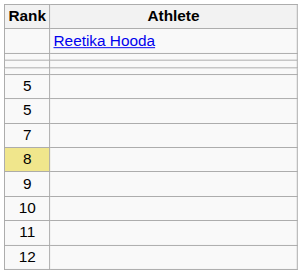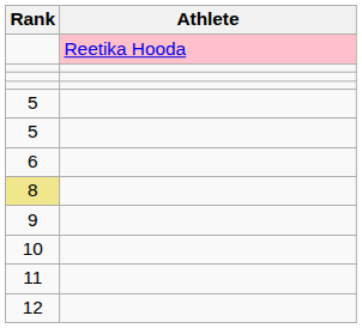 <table class="wikitable" style="text-align: center;">
 <tr>
 <th width=40>Rank</th>
 <th width=250>Athlete</th>
 </tr>
 <tr>
 <td></td>
-<td align="left"> <a href='#'>Reetika Hooda</a> </td>
+<td align="left" style="background: pink;"> <a href='#'>Reetika Hooda</a> </td>
 </tr>
 <tr>
 <td></td>
 <td align="left"></td>
 </tr>
 <tr>
 <td></td>
 <td align="left"></td>
 </tr>
 <tr>
 <td></td>
 <td align="left"></td>
 </tr>
 <tr>
 <td>5</td>
 <td align="left"></td>
 </tr>
 <tr>
 <td>5</td>
 <td align="left"></td>
 </tr>
 <tr>
-<td>7</td>
+<td>6</td>
 <td align="left"></td>
 </tr>
 <tr>
 <td style="background: khaki;">8</td>
 <td align="left"></td>
 </tr>
 <tr>
 <td>9</td>
 <td align="left"></td>
 </tr>
 <tr>
 <td>10</td>
 <td align="left"></td>
 </tr>
 <tr>
 <td>11</td>
 <td align="left"></td>
 </tr>
 <tr>
 <td>12</td>
 <td align="left"></td>
 </tr>
 </table>
